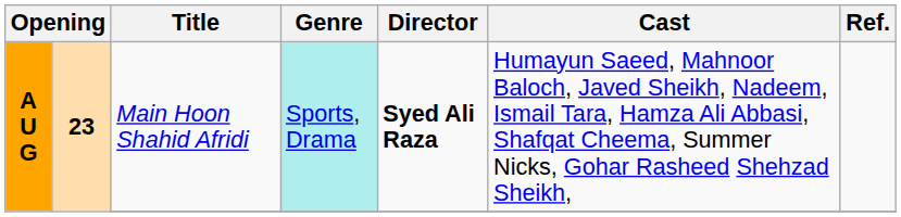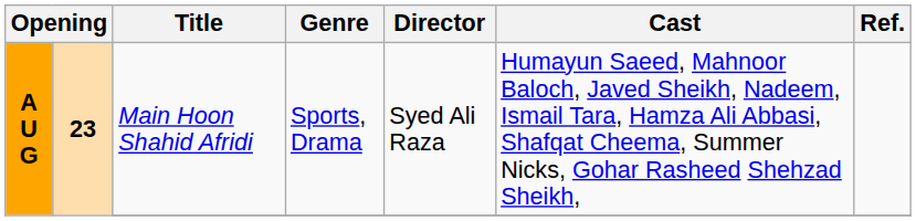 <table class="wikitable">
 <tr style="background:#b0e0e66; text-align:center;">
 <th colspan="2"><strong>Opening</strong></th>
 <th style="width:19%;"><strong>Title</strong></th>
 <th><strong>Genre</strong></th>
 <th><strong>Director</strong></th>
 <th><strong>Cast</strong></th>
 <th><strong>Ref.</strong></th>
 </tr>
 <tr>
 <td rowspan="4" style="text-align:center; background:orange;"><strong>A<br>U<br>G</strong></td>
 <td rowspan="2" style="text-align:center;background:#ffdead; textcolor:#000;"><strong>23</strong></td>
 <td><em><a href='#'>Main Hoon Shahid Afridi</a></em></td>
-<td style="background: paleturquoise;"><a href='#'>Sports</a>, <a href='#'>Drama</a></td>
-<td><strong>Syed Ali Raza</strong></td>
+<td><a href='#'>Sports</a>, <a href='#'>Drama</a></td>
+<td>Syed Ali Raza</td>
 <td><a href='#'>Humayun Saeed</a>, <a href='#'>Mahnoor Baloch</a>, <a href='#'>Javed Sheikh</a>, <a href='#'>Nadeem</a>, <a href='#'>Ismail Tara</a>, <a href='#'>Hamza Ali Abbasi</a>, <a href='#'>Shafqat Cheema</a>, Summer Nicks, <a href='#'>Gohar Rasheed</a> <a href='#'>Shehzad Sheikh</a>,</td>
 <td></td>
 </tr>
 <tr>
 </tr>
 </table>
